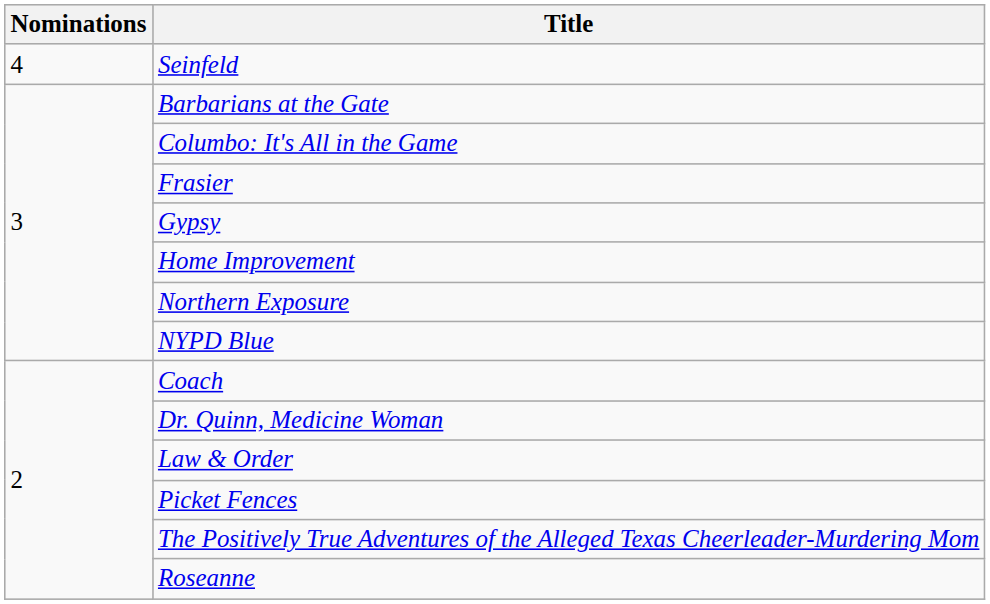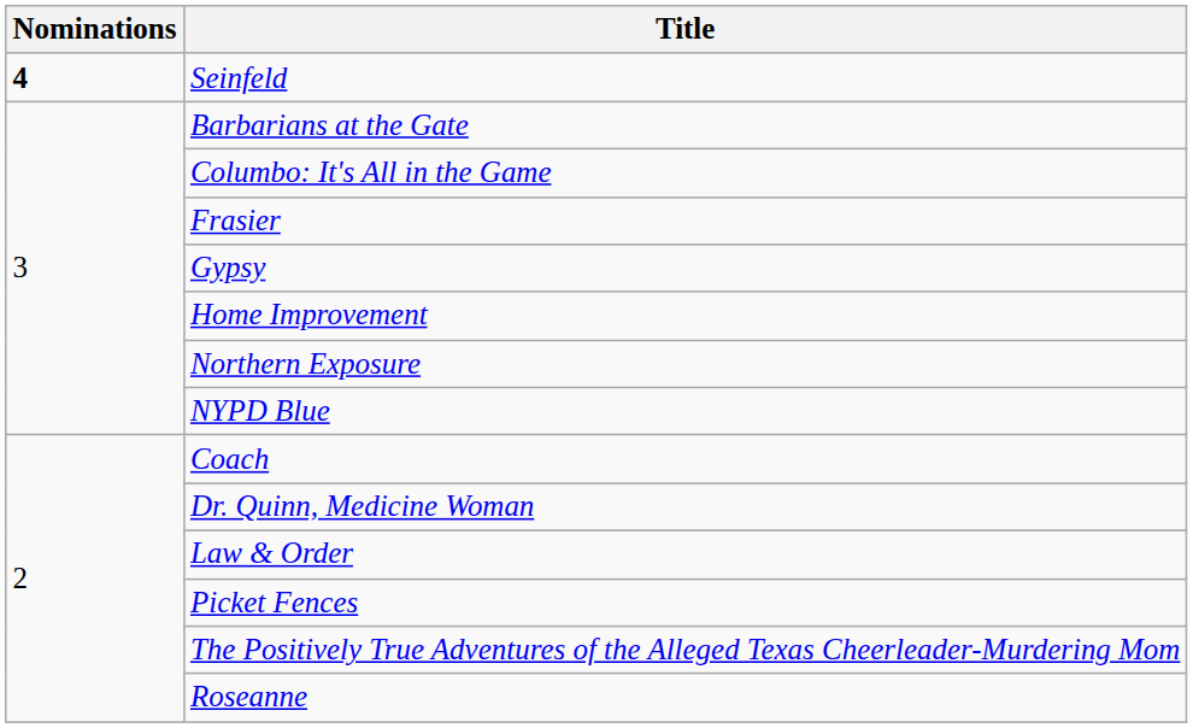 <table class="wikitable">
 <tr>
 <th>Nominations</th>
 <th>Title</th>
 </tr>
 <tr>
-<td>4</td>
+<td><strong>4</strong></td>
 <td><em><a href='#'>Seinfeld</a></em></td>
 </tr>
 <tr>
 <td rowspan="7">3</td>
 <td><em><a href='#'>Barbarians at the Gate</a></em></td>
 </tr>
 <tr>
 <td><em><a href='#'>Columbo: It's All in the Game</a></em></td>
 </tr>
 <tr>
 <td><em><a href='#'>Frasier</a></em></td>
 </tr>
 <tr>
 <td><em><a href='#'>Gypsy</a></em></td>
 </tr>
 <tr>
 <td><em><a href='#'>Home Improvement</a></em></td>
 </tr>
 <tr>
 <td><em><a href='#'>Northern Exposure</a></em></td>
 </tr>
 <tr>
 <td><em><a href='#'>NYPD Blue</a></em></td>
 </tr>
 <tr>
 <td rowspan="6">2</td>
 <td><em><a href='#'>Coach</a></em></td>
 </tr>
 <tr>
 <td><em><a href='#'>Dr. Quinn, Medicine Woman</a></em></td>
 </tr>
 <tr>
 <td><em><a href='#'>Law & Order</a></em></td>
 </tr>
 <tr>
 <td><em><a href='#'>Picket Fences</a></em></td>
 </tr>
 <tr>
 <td><em><a href='#'>The Positively True Adventures of the Alleged Texas Cheerleader-Murdering Mom</a></em></td>
 </tr>
 <tr>
 <td><em><a href='#'>Roseanne</a></em></td>
 </tr>
 </table>
